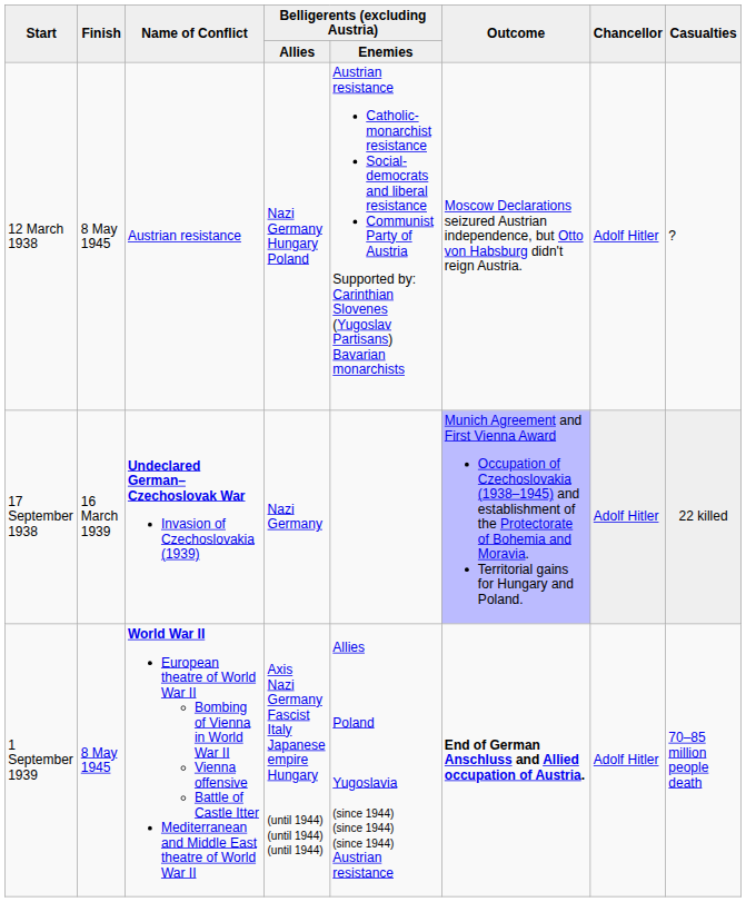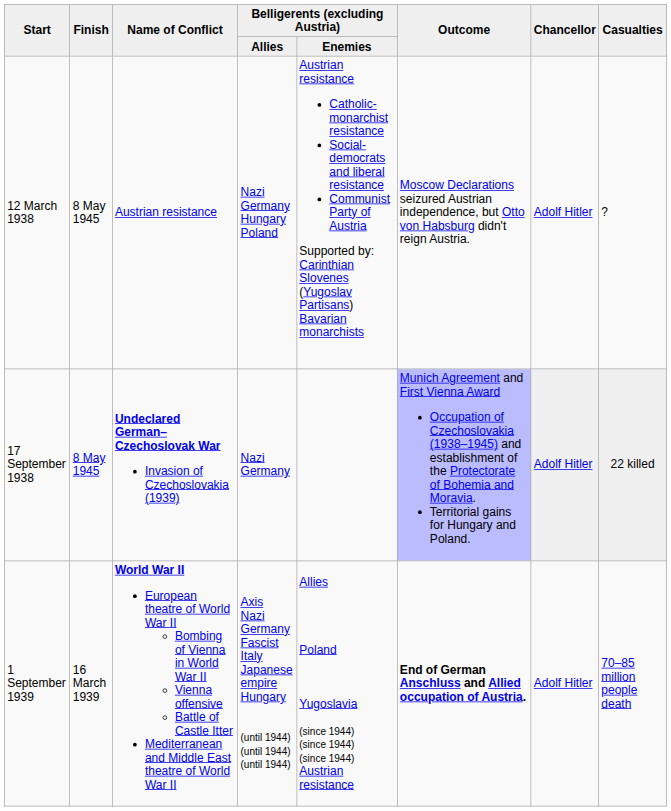 <table class="wikitable sortable" width="100%">
 <tr>
 <th rowspan="2" style="background:#efefef;">Start</th>
 <th rowspan="2" style="background:#efefef;">Finish</th>
 <th rowspan="2" style="background:#efefef;">Name of Conflict</th>
 <th colspan="2" style="background:#efefef;">Belligerents (excluding Austria)</th>
 <th rowspan="2" style="background:#efefef;">Outcome</th>
 <th rowspan="2" style="background:#efefef;">Chancellor</th>
 <th rowspan="2" style="background:#efefef;">Casualties</th>
 </tr>
 <tr>
 <th style="background:#efefef;">Allies</th>
 <th style="background:#efefef;">Enemies</th>
 </tr>
 <tr>
 <td>12 March 1938</td>
 <td>8 May 1945</td>
 <td><a href='#'>Austrian resistance</a></td>
 <td> <a href='#'>Nazi Germany</a><br> <a href='#'>Hungary</a><br> <a href='#'>Poland</a></td>
 <td> <a href='#'>Austrian resistance</a><br><ul><li> <a href='#'>Catholic-monarchist resistance</a></li><li><a href='#'>Social-democrats and liberal resistance</a></li><li><a href='#'>Communist Party of Austria</a></li></ul>Supported by:<br><a href='#'>Carinthian Slovenes</a> (<a href='#'>Yugoslav Partisans</a>)<br><a href='#'>Bavarian monarchists</a><br><br><br></td>
 <td><a href='#'>Moscow Declarations</a> seizured Austrian independence, but <a href='#'>Otto von Habsburg</a> didn't reign Austria.</td>
 <td><a href='#'>Adolf Hitler</a></td>
 <td>?</td>
 </tr>
 <tr>
 <td>17 September 1938</td>
-<td>16 March 1939</td>
+<td><a href='#'>8 May 1945</a></td>
 <td><a href='#'><strong>Undeclared German–Czechoslovak War</strong></a><br><ul><li><a href='#'>Invasion of Czechoslovakia (1939)</a></li></ul></td>
 <td> <a href='#'>Nazi Germany</a></td>
 <td></td>
 <td style="Background:#BBF"><a href='#'>Munich Agreement</a> and <a href='#'>First Vienna Award</a><br><ul><li><a href='#'>Occupation of Czechoslovakia (1938–1945)</a> and establishment of the <a href='#'>Protectorate of Bohemia and Moravia</a>.</li><li>Territorial gains for Hungary and Poland.</li></ul></td>
 <td style="background:#efefef"><a href='#'>Adolf Hitler</a></td>
 <td style="background:#efefef; text-align:center">22 killed</td>
 </tr>
 <tr>
 <td>1 September 1939</td>
-<td><a href='#'>8 May 1945</a></td>
+<td>16 March 1939</td>
 <td><strong><a href='#'>World War II</a></strong><br><ul><li><a href='#'>European theatre of World War II</a><ul><li><a href='#'>Bombing of Vienna in World War II</a></li><li><a href='#'>Vienna offensive</a></li><li><a href='#'>Battle of Castle Itter</a></li></ul></li><li><a href='#'>Mediterranean and Middle East theatre of World War II</a></li></ul></td>
 <td><a href='#'>Axis</a><br> <a href='#'>Nazi Germany</a><br> <a href='#'>Fascist Italy</a><br> <a href='#'>Japanese empire</a><br> <a href='#'>Hungary</a><br><br><br> <small>(until 1944)</small><br> <small>(until 1944)</small><br> <small>(until 1944)</small></td>
 <td><a href='#'>Allies</a><br> <br> <br> <br> <br> <a href='#'>Poland</a> <br> <br> <br> <br> <a href='#'>Yugoslavia</a> <br> <br>  <small>(since 1944)</small> <br> <small>(since 1944)</small> <br> <small>(since 1944)</small> <br> <a href='#'>Austrian resistance</a></td>
 <td><strong>End of German <a href='#'>Anschluss</a> and <a href='#'>Allied occupation of Austria</a>.</strong></td>
 <td><a href='#'>Adolf Hitler</a></td>
 <td><a href='#'>70–85 million people death</a></td>
 </tr>
 </table>
